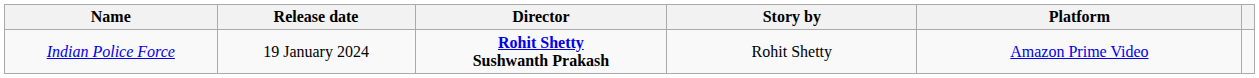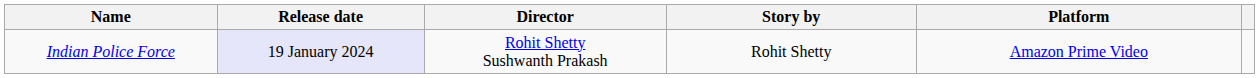 <table class="wikitable plainrowheaders" style="text-align:center; width:99%;">
 <tr>
 <th width="17%">Name</th>
 <th>Release date</th>
 <th>Director</th>
 <th width=20%>Story by</th>
 <th width=26%>Platform</th>
 <th></th>
 </tr>
 <tr>
 <td><em><a href='#'>Indian Police Force</a></em></td>
-<td>19 January 2024</td>
-<td><strong><a href='#'>Rohit Shetty</a><br>Sushwanth Prakash</strong></td>
+<td style="background: lavender;">19 January 2024</td>
+<td><a href='#'>Rohit Shetty</a><br>Sushwanth Prakash</td>
 <td>Rohit Shetty</td>
 <td><a href='#'>Amazon Prime Video</a></td>
 <td></td>
 </tr>
 <tr>
 </tr>
 </table>
